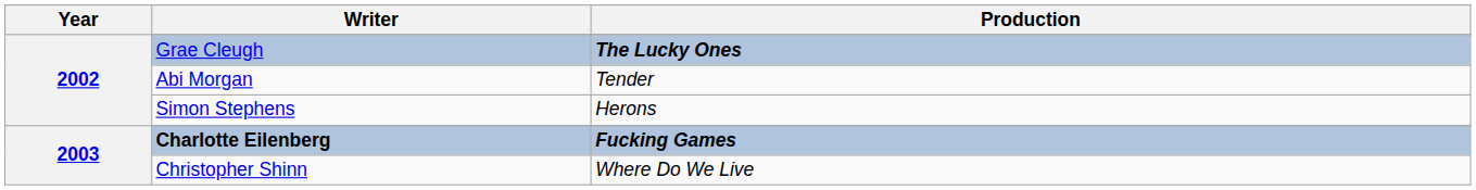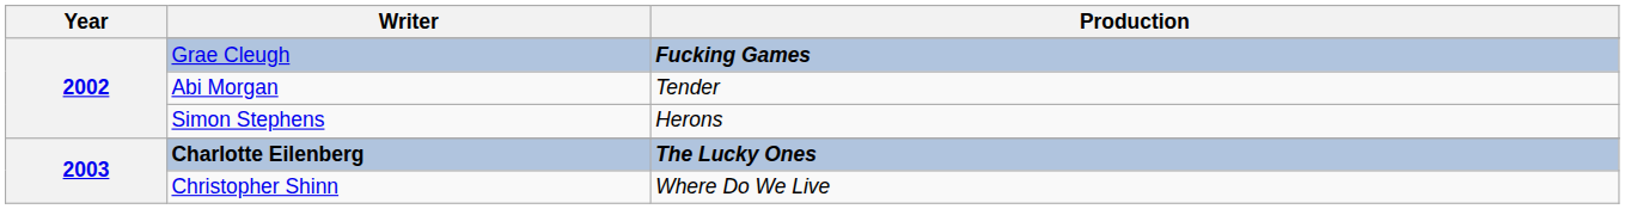 <table class="wikitable" style="width:98%;">
 <tr style="background:#bebebe;">
 <th style="width:10%;">Year</th>
 <th style="width:30%;">Writer</th>
 <th style="width:60%;">Production</th>
 </tr>
 <tr>
 <th rowspan="4" align="center"><a href='#'>2002</a></th>
 </tr>
 <tr style="background:#B0C4DE">
 <td><a href='#'>Grae Cleugh</a></td>
-<td><strong><em>The Lucky Ones</em></strong></td>
+<td><strong><em>Fucking Games</em></strong></td>
 </tr>
 <tr>
 <td><a href='#'>Abi Morgan</a></td>
 <td><em>Tender</em></td>
 </tr>
 <tr>
 <td><a href='#'>Simon Stephens</a></td>
 <td><em>Herons</em></td>
 </tr>
 <tr>
 <th rowspan="3" align="center"><a href='#'>2003</a></th>
 </tr>
 <tr style="background:#B0C4DE">
 <td><strong>Charlotte Eilenberg</strong></td>
-<td><strong><em>Fucking Games</em></strong></td>
+<td><strong><em>The Lucky Ones</em></strong></td>
 </tr>
 <tr>
 <td><a href='#'>Christopher Shinn</a></td>
 <td><em>Where Do We Live</em></td>
 </tr>
 </table>
